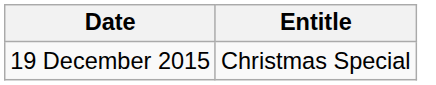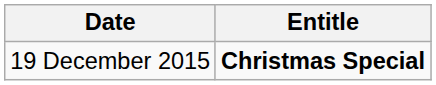 <table class="wikitable" style="text-align:center;">
 <tr>
 <th>Date</th>
 <th>Entitle</th>
 </tr>
 <tr>
 <td>19 December 2015</td>
-<td>Christmas Special</td>
+<td><strong>Christmas Special</strong></td>
 </tr>
 </table>
